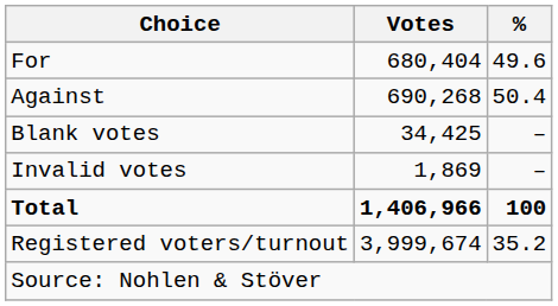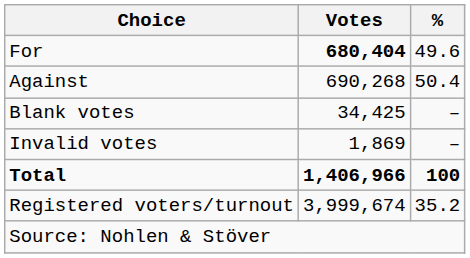 <table class=wikitable style=text-align:right>
 <tr>
 <th>Choice</th>
 <th>Votes</th>
 <th>%</th>
 </tr>
 <tr>
 <td align=left>For</td>
-<td>680,404</td>
+<td><strong>680,404</strong></td>
 <td>49.6</td>
 </tr>
 <tr>
 <td align=left>Against</td>
 <td>690,268</td>
 <td>50.4</td>
 </tr>
 <tr>
 <td align=left>Blank votes</td>
 <td>34,425</td>
 <td>–</td>
 </tr>
 <tr>
 <td align=left>Invalid votes</td>
 <td>1,869</td>
 <td>–</td>
 </tr>
 <tr>
 <td align=left><strong>Total</strong></td>
 <td><strong>1,406,966</strong></td>
 <td><strong>100</strong></td>
 </tr>
 <tr>
 <td align=left>Registered voters/turnout</td>
 <td>3,999,674</td>
 <td>35.2</td>
 </tr>
 <tr>
 <td align=left colspan=3>Source: Nohlen & Stöver</td>
 </tr>
 </table>
